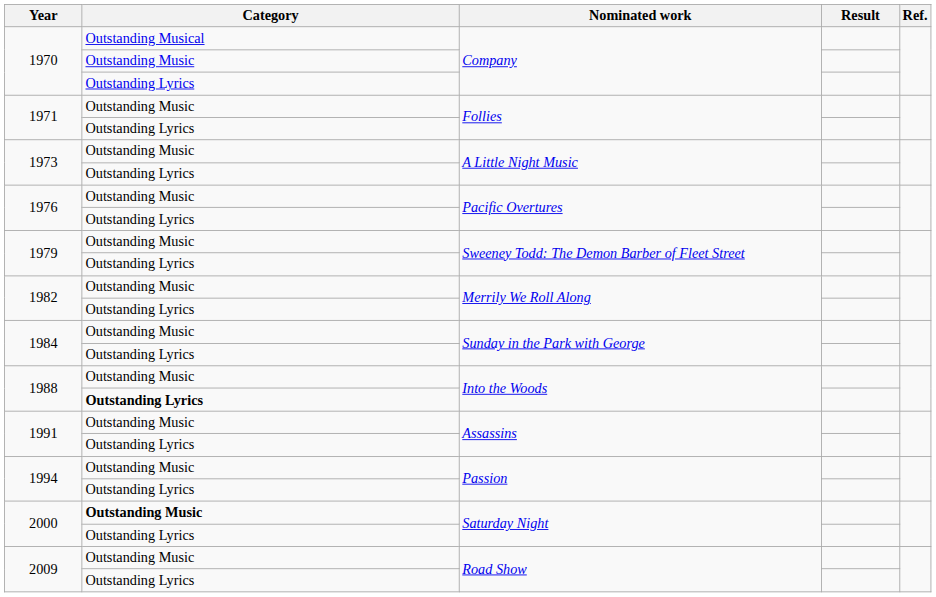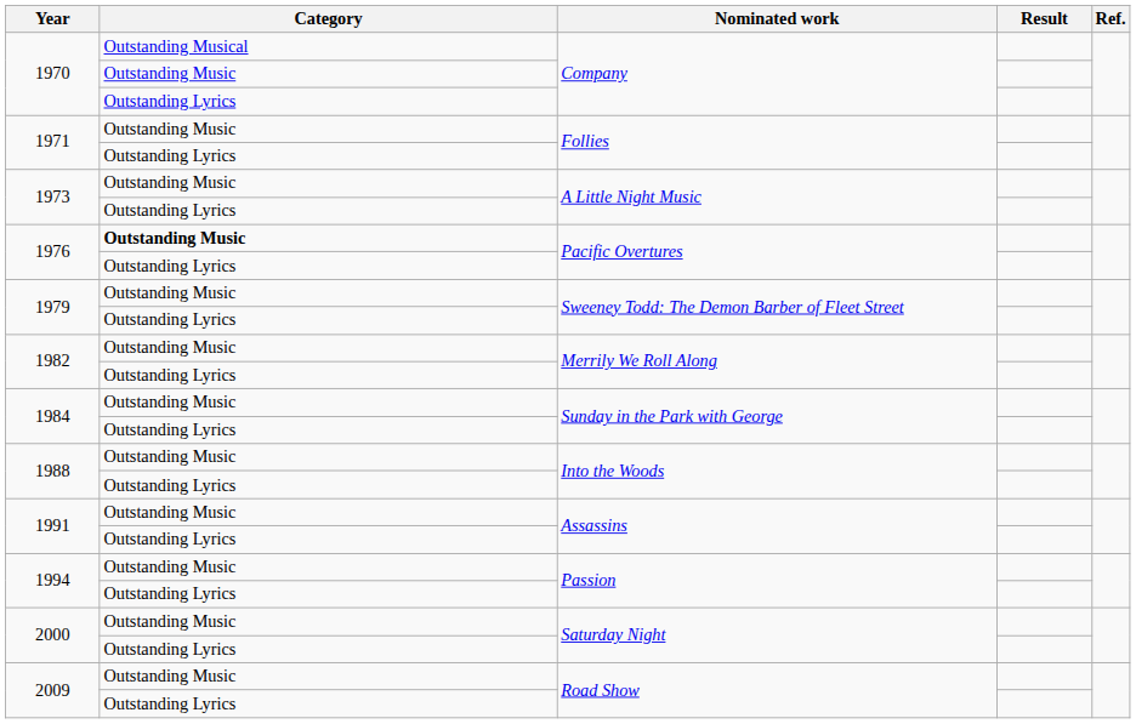 <table class=wikitable>
 <tr>
 <th scope="col" style="width:5em;">Year</th>
 <th scope="col" style="width:26em;">Category</th>
 <th scope="col" style="width:25em;">Nominated work</th>
 <th scope="col" style="width:5em;">Result</th>
 <th>Ref.</th>
 </tr>
 <tr>
 <td style="text-align:center;", rowspan="3">1970</td>
 <td><a href='#'>Outstanding Musical</a></td>
 <td rowspan="3"><em><a href='#'>Company</a></em></td>
 <td></td>
 <td style="text-align:center;", rowspan="3"></td>
 </tr>
 <tr>
 <td><a href='#'>Outstanding Music</a></td>
 <td></td>
 </tr>
 <tr>
 <td><a href='#'>Outstanding Lyrics</a></td>
 <td></td>
 </tr>
 <tr>
 <td style="text-align:center;", rowspan="2">1971</td>
 <td>Outstanding Music</td>
 <td rowspan="2"><em><a href='#'>Follies</a></em></td>
 <td></td>
 <td style="text-align:center;", rowspan="2"></td>
 </tr>
 <tr>
 <td>Outstanding Lyrics</td>
 <td></td>
 </tr>
 <tr>
 <td style="text-align:center;", rowspan="2">1973</td>
 <td>Outstanding Music</td>
 <td rowspan="2"><em><a href='#'>A Little Night Music</a></em></td>
 <td></td>
 <td style="text-align:center;", rowspan="2"></td>
 </tr>
 <tr>
 <td>Outstanding Lyrics</td>
 <td></td>
 </tr>
 <tr>
 <td style="text-align:center;", rowspan="2">1976</td>
-<td>Outstanding Music</td>
+<td><strong>Outstanding Music</strong></td>
 <td rowspan="2"><em><a href='#'>Pacific Overtures</a></em></td>
 <td></td>
 <td style="text-align:center;", rowspan="2"></td>
 </tr>
 <tr>
 <td>Outstanding Lyrics</td>
 <td></td>
 </tr>
 <tr>
 <td style="text-align:center;", rowspan="2">1979</td>
 <td>Outstanding Music</td>
 <td rowspan="2"><em><a href='#'>Sweeney Todd: The Demon Barber of Fleet Street</a></em></td>
 <td></td>
 <td style="text-align:center;", rowspan="2"></td>
 </tr>
 <tr>
 <td>Outstanding Lyrics</td>
 <td></td>
 </tr>
 <tr>
 <td style="text-align:center;", rowspan="2">1982</td>
 <td>Outstanding Music</td>
 <td rowspan="2"><em><a href='#'>Merrily We Roll Along</a></em></td>
 <td></td>
 <td style="text-align:center;", rowspan="2"></td>
 </tr>
 <tr>
 <td>Outstanding Lyrics</td>
 <td></td>
 </tr>
 <tr>
 <td style="text-align:center;", rowspan="2">1984</td>
 <td>Outstanding Music</td>
 <td rowspan="2"><em><a href='#'>Sunday in the Park with George</a></em></td>
 <td></td>
 <td style="text-align:center;", rowspan="2"></td>
 </tr>
 <tr>
 <td>Outstanding Lyrics</td>
 <td></td>
 </tr>
 <tr>
 <td style="text-align:center;", rowspan="2">1988</td>
 <td>Outstanding Music</td>
 <td rowspan="2"><em><a href='#'>Into the Woods</a></em></td>
 <td></td>
 <td style="text-align:center;", rowspan="2"></td>
 </tr>
 <tr>
-<td><strong>Outstanding Lyrics</strong></td>
+<td>Outstanding Lyrics</td>
 <td></td>
 </tr>
 <tr>
 <td style="text-align:center;", rowspan="2">1991</td>
 <td>Outstanding Music</td>
 <td rowspan="2"><em><a href='#'>Assassins</a></em></td>
 <td></td>
 <td style="text-align:center;", rowspan="2"></td>
 </tr>
 <tr>
 <td>Outstanding Lyrics</td>
 <td></td>
 </tr>
 <tr>
 <td style="text-align:center;", rowspan="2">1994</td>
 <td>Outstanding Music</td>
 <td rowspan="2"><em><a href='#'>Passion</a></em></td>
 <td></td>
 <td style="text-align:center;", rowspan="2"></td>
 </tr>
 <tr>
 <td>Outstanding Lyrics</td>
 <td></td>
 </tr>
 <tr>
 <td style="text-align:center;", rowspan="2">2000</td>
-<td><strong>Outstanding Music</strong></td>
+<td>Outstanding Music</td>
 <td rowspan="2"><em><a href='#'>Saturday Night</a></em></td>
 <td></td>
 <td style="text-align:center;", rowspan="2"></td>
 </tr>
 <tr>
 <td>Outstanding Lyrics</td>
 <td></td>
 </tr>
 <tr>
 <td style="text-align:center;", rowspan="2">2009</td>
 <td>Outstanding Music</td>
 <td rowspan="2"><em><a href='#'>Road Show</a></em></td>
 <td></td>
 <td style="text-align:center;", rowspan="2"></td>
 </tr>
 <tr>
 <td>Outstanding Lyrics</td>
 <td></td>
 </tr>
 </table>
